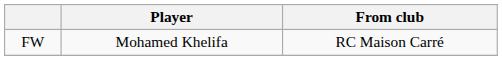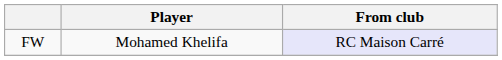 <table class="wikitable sortable" style="width:70%; text-align:center; font-size:85%; text-align:centre;">
 <tr>
 <th></th>
 <th>Player</th>
 <th>From club</th>
 </tr>
 <tr>
 <td>FW</td>
 <td>Mohamed Khelifa</td>
-<td>RC Maison Carré</td>
+<td style="background: lavender;">RC Maison Carré</td>
 </tr>
 <tr>
 </tr>
 </table>
